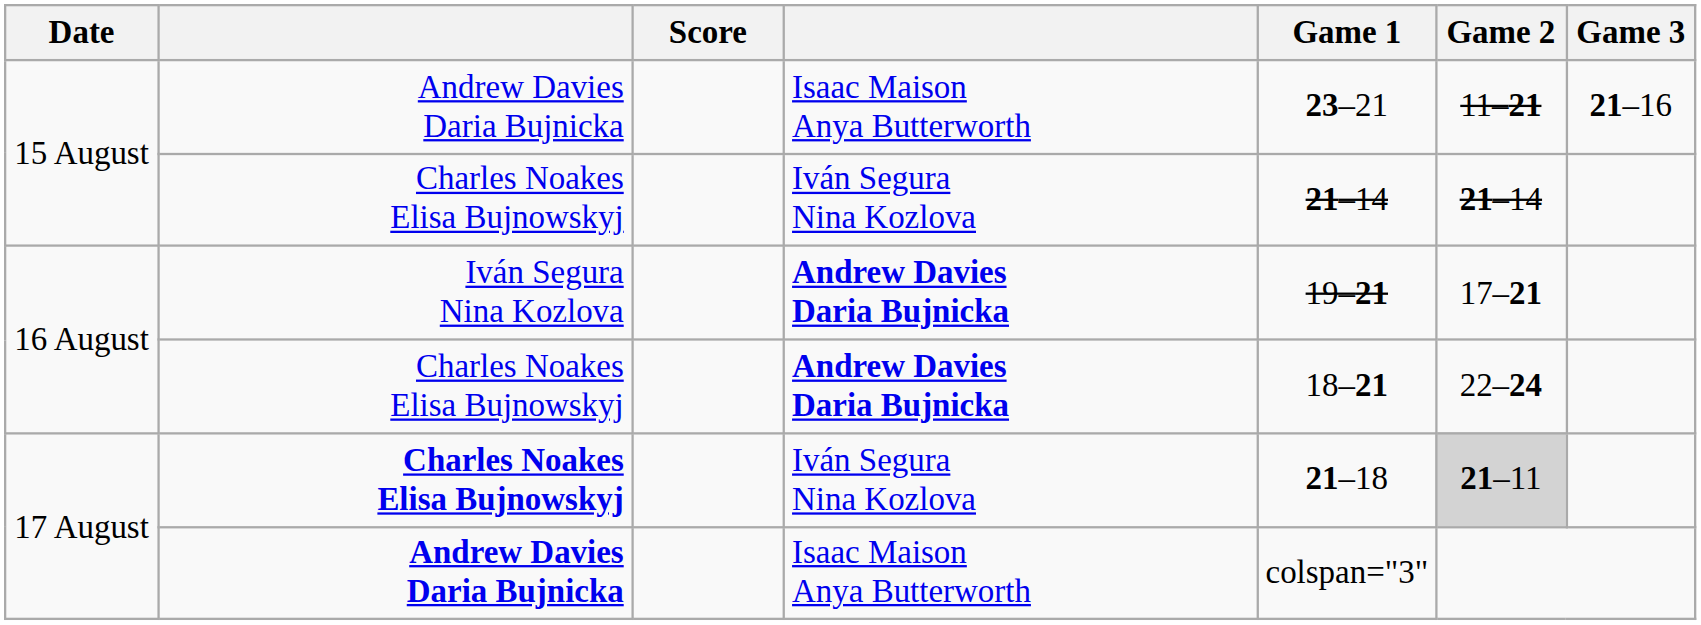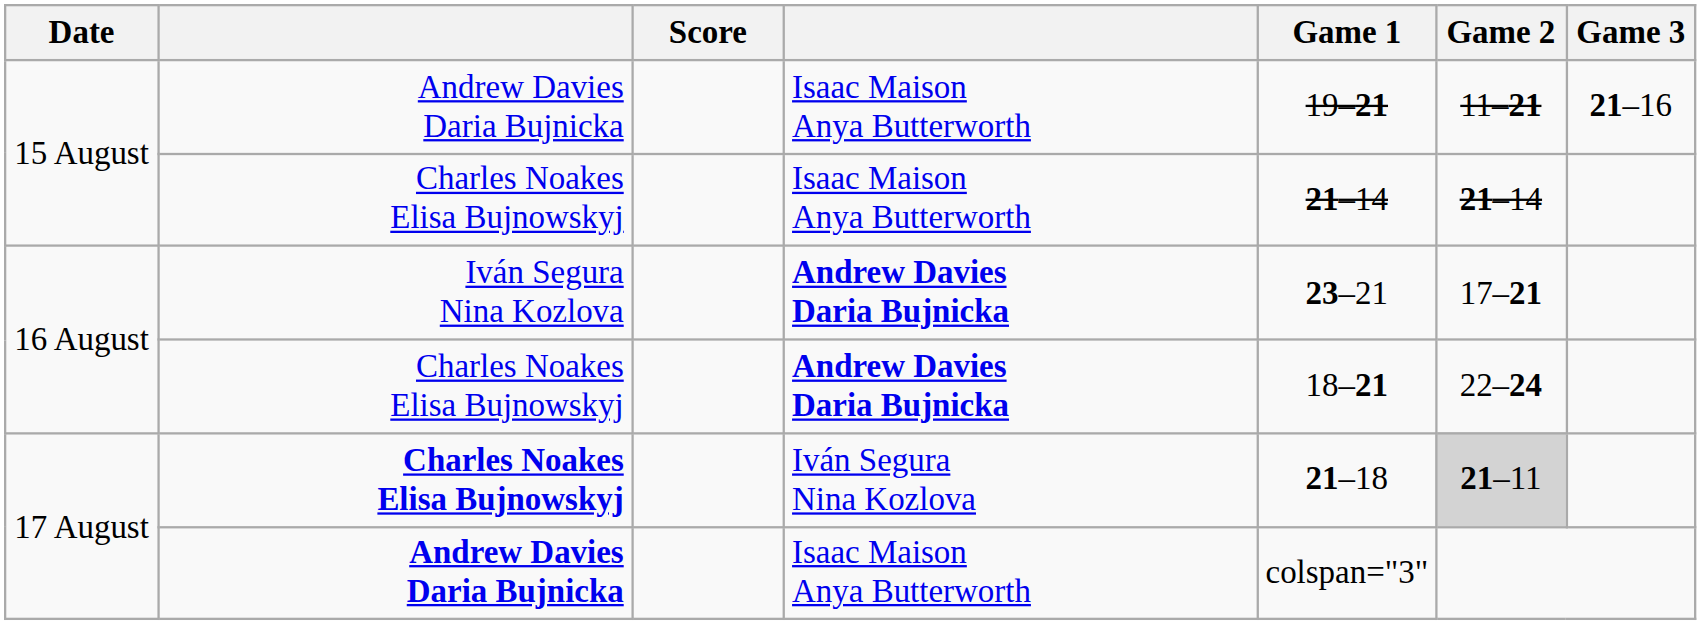 <table class="wikitable" style="text-align: center; font-size:90% ">
 <tr>
 <th width="60">Date</th>
 <th align="right" width="200"></th>
 <th width="60">Score</th>
 <th align="left" width="200"></th>
 <th width="50">Game 1</th>
 <th width="50">Game 2</th>
 <th width="50">Game 3</th>
 </tr>
 <tr>
 <td rowspan="2">15 August</td>
 <td align="right"><a href='#'>Andrew Davies</a> <br><a href='#'>Daria Bujnicka</a> </td>
 <td align="center"></td>
 <td align="left"> <a href='#'>Isaac Maison</a><br> <a href='#'>Anya Butterworth</a></td>
-<td><strong>23</strong>–21</td>
+<td><s>19–<strong>21</strong></s></td>
 <td><s>11–<strong>21</strong></s></td>
 <td><strong>21</strong>–16</td>
 </tr>
 <tr>
 <td align="right"><a href='#'>Charles Noakes</a> <br><a href='#'>Elisa Bujnowskyj</a> </td>
 <td align="center"></td>
-<td align="left"> <a href='#'>Iván Segura</a><br> <a href='#'>Nina Kozlova</a></td>
+<td align="left"> <a href='#'>Isaac Maison</a><br> <a href='#'>Anya Butterworth</a></td>
 <td><s><strong>21</strong>–14</s></td>
 <td><s><strong>21</strong>–14</s></td>
 <td></td>
 </tr>
 <tr>
 <td rowspan="2">16 August</td>
 <td align="right"><a href='#'>Iván Segura</a> <br><a href='#'>Nina Kozlova</a> </td>
 <td align="center"></td>
 <td align="left"><strong> <a href='#'>Andrew Davies</a><br> <a href='#'>Daria Bujnicka</a></strong></td>
-<td><s>19–<strong>21</strong></s></td>
+<td><strong>23</strong>–21</td>
 <td>17–<strong>21</strong></td>
 <td></td>
 </tr>
 <tr>
 <td align="right"><a href='#'>Charles Noakes</a> <br><a href='#'>Elisa Bujnowskyj</a> </td>
 <td align="center"></td>
 <td align="left"><strong> <a href='#'>Andrew Davies</a><br> <a href='#'>Daria Bujnicka</a></strong></td>
 <td>18–<strong>21</strong></td>
 <td>22–<strong>24</strong></td>
 <td></td>
 </tr>
 <tr>
 <td rowspan="2">17 August</td>
 <td align="right"><strong><a href='#'>Charles Noakes</a> <br><a href='#'>Elisa Bujnowskyj</a> </strong></td>
 <td align="center"></td>
 <td align="left"> <a href='#'>Iván Segura</a><br> <a href='#'>Nina Kozlova</a></td>
 <td><strong>21</strong>–18</td>
 <td style="background: lightgrey;"><strong>21</strong>–11</td>
 <td></td>
 </tr>
 <tr>
 <td align="right"><strong><a href='#'>Andrew Davies</a> <br><a href='#'>Daria Bujnicka</a> </strong></td>
 <td align="center"></td>
 <td align="left"> <a href='#'>Isaac Maison</a><br> <a href='#'>Anya Butterworth</a></td>
 <td>colspan="3" </td>
 </tr>
 </table>
